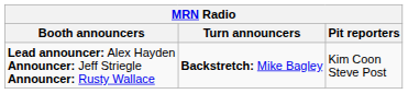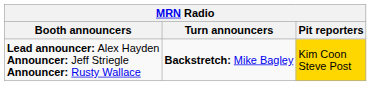 <table class="wikitable" style="font-size: 95%">
 <tr>
 <th colspan="3"><a href='#'>MRN</a> Radio</th>
 </tr>
 <tr>
 <th>Booth announcers</th>
 <th>Turn announcers</th>
 <th>Pit reporters</th>
 </tr>
 <tr>
 <td><strong>Lead announcer:</strong> Alex Hayden<br><strong>Announcer:</strong> Jeff Striegle<br><strong>Announcer:</strong> <a href='#'>Rusty Wallace</a></td>
 <td><strong>Backstretch:</strong> <a href='#'>Mike Bagley</a></td>
-<td>Kim Coon<br>Steve Post</td>
+<td style="background: gold;">Kim Coon<br>Steve Post</td>
 </tr>
 </table>
